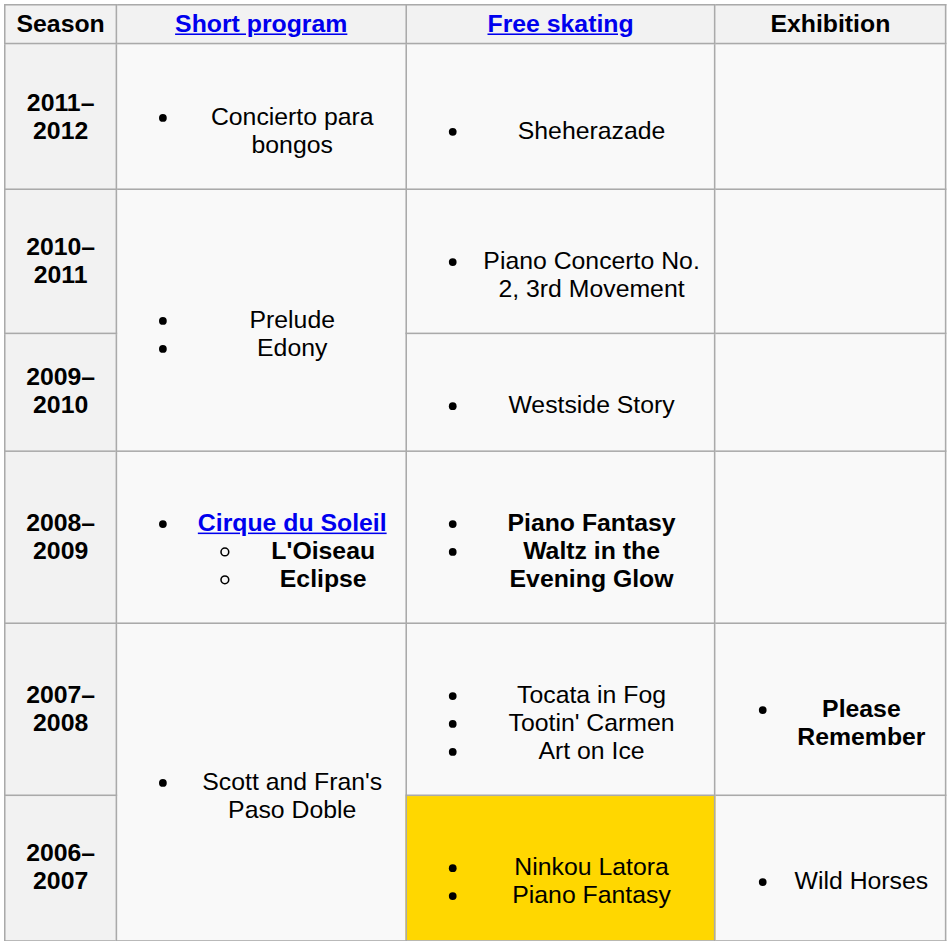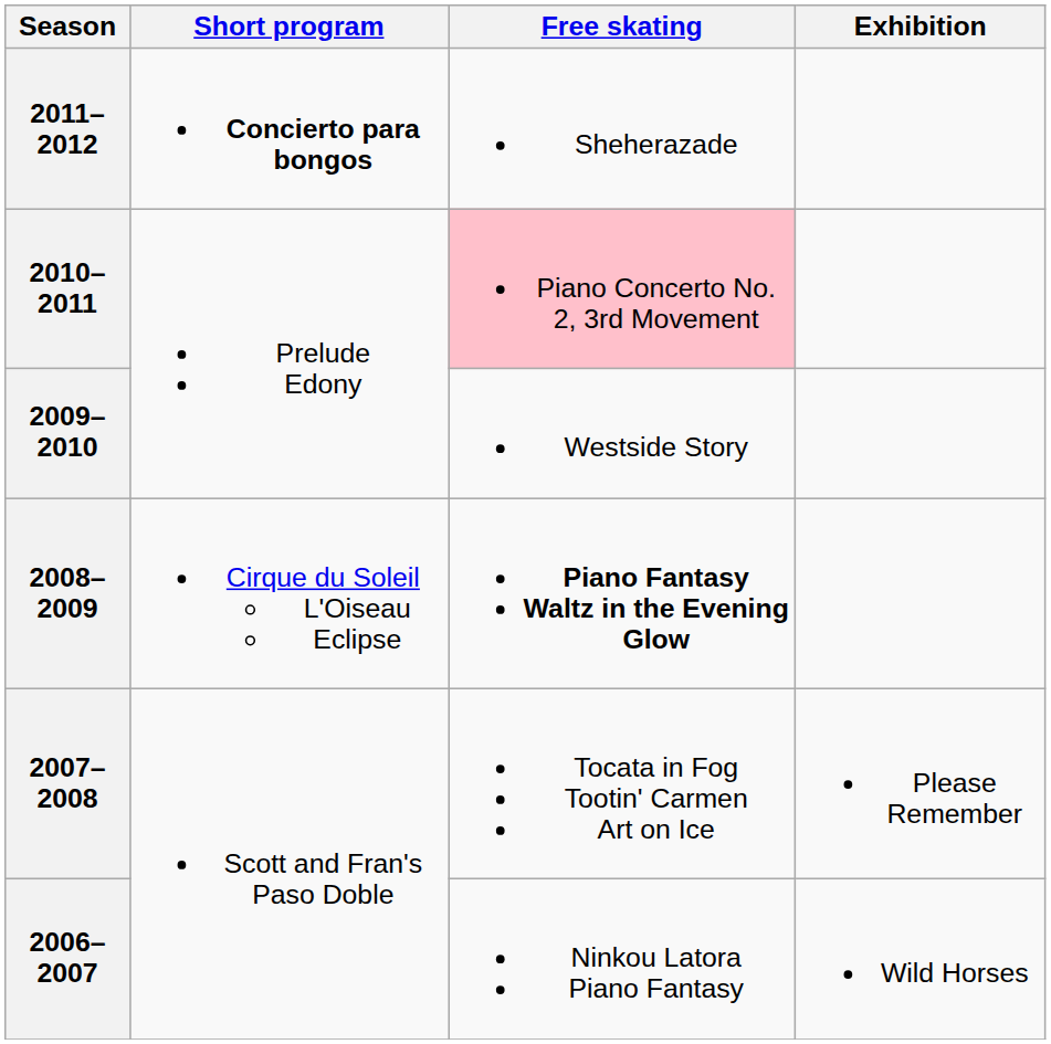 <table class="wikitable" style="text-align:center">
 <tr>
 <th>Season</th>
 <th><a href='#'>Short program</a></th>
 <th><a href='#'>Free skating</a></th>
 <th>Exhibition</th>
 </tr>
 <tr>
 <th>2011–2012 <br> </th>
-<td><br><ul><li>Concierto para bongos <br></li></ul></td>
+<td><strong><br><ul><li>Concierto para bongos <br></li></ul></strong></td>
 <td><br><ul><li>Sheherazade <br></li></ul></td>
 <td></td>
 </tr>
 <tr>
 <th>2010–2011 <br> </th>
 <td rowspan=2><br><ul><li>Prelude <br></li><li>Edony <br></li></ul></td>
-<td><br><ul><li>Piano Concerto No. 2, 3rd Movement <br></li></ul></td>
+<td style="background: pink;"><br><ul><li>Piano Concerto No. 2, 3rd Movement <br></li></ul></td>
 <td></td>
 </tr>
 <tr>
 <th>2009–2010 <br> </th>
 <td><br><ul><li>Westside Story <br></li></ul></td>
 <td></td>
 </tr>
 <tr>
 <th>2008–2009 <br> </th>
-<td><strong><br><ul><li><a href='#'>Cirque du Soleil</a> <br><ul><li>L'Oiseau</li><li>Eclipse</li></ul></li></ul></strong></td>
+<td><br><ul><li><a href='#'>Cirque du Soleil</a> <br><ul><li>L'Oiseau</li><li>Eclipse</li></ul></li></ul></td>
 <td><strong><br><ul><li>Piano Fantasy <br></li><li>Waltz in the Evening Glow <br></li></ul></strong></td>
 <td></td>
 </tr>
 <tr>
 <th>2007–2008 <br> </th>
 <td rowspan=2><br><ul><li>Scott and Fran's Paso Doble <br></li></ul></td>
 <td><br><ul><li>Tocata in Fog <br></li><li>Tootin' Carmen <br></li><li>Art on Ice <br></li></ul></td>
-<td><strong><br><ul><li>Please Remember <br></li></ul></strong></td>
+<td><br><ul><li>Please Remember <br></li></ul></td>
 </tr>
 <tr>
 <th>2006–2007 <br> </th>
-<td style="background: gold;"><br><ul><li>Ninkou Latora <br></li><li>Piano Fantasy <br></li></ul></td>
+<td><br><ul><li>Ninkou Latora <br></li><li>Piano Fantasy <br></li></ul></td>
 <td><br><ul><li>Wild Horses <br></li></ul></td>
 </tr>
 </table>
